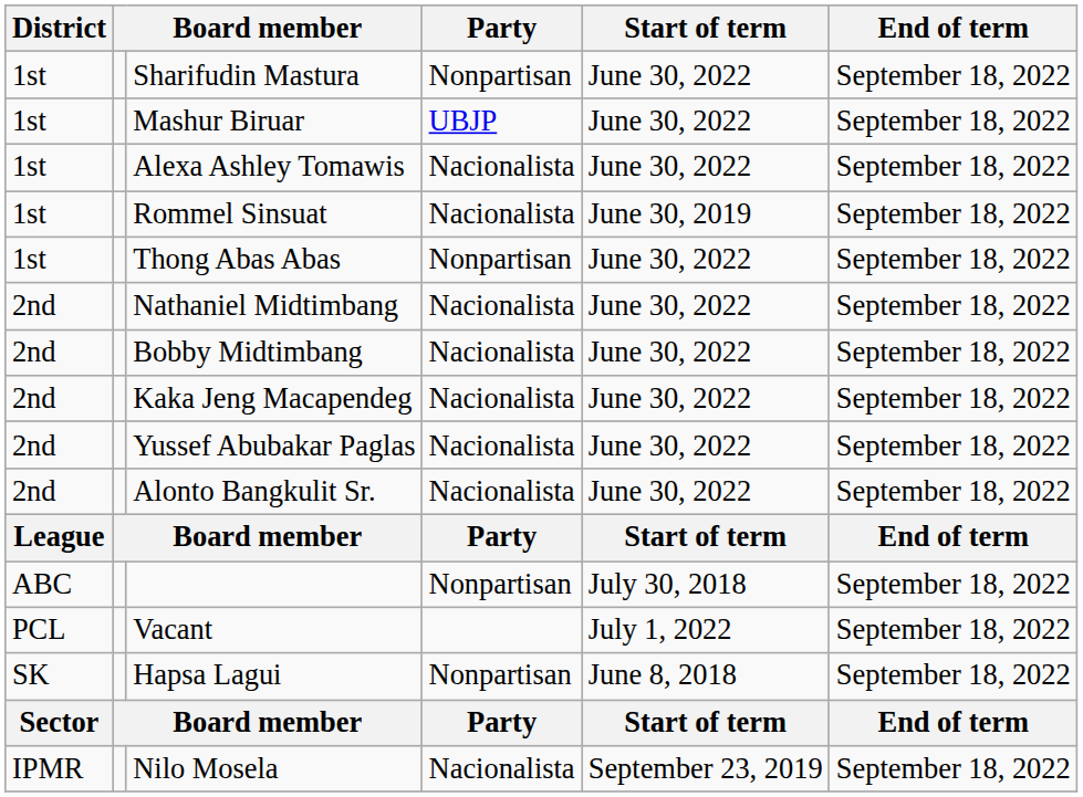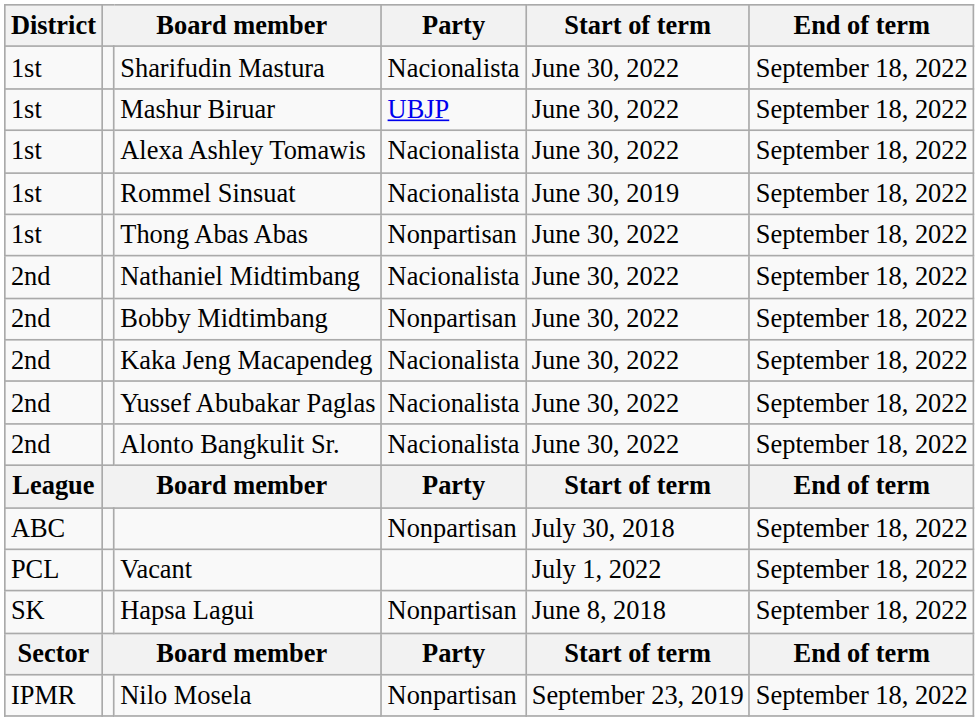 <table class="wikitable">
 <tr>
 <th>District</th>
 <th colspan="2">Board member</th>
 <th>Party</th>
 <th>Start of term</th>
 <th>End of term</th>
 </tr>
 <tr>
 <td>1st</td>
 <td></td>
 <td>Sharifudin Mastura</td>
-<td>Nonpartisan</td>
+<td>Nacionalista</td>
 <td>June 30, 2022</td>
 <td>September 18, 2022</td>
 </tr>
 <tr>
 <td>1st</td>
 <td></td>
 <td>Mashur Biruar</td>
 <td><a href='#'>UBJP</a></td>
 <td>June 30, 2022</td>
 <td>September 18, 2022</td>
 </tr>
 <tr>
 <td>1st</td>
 <td></td>
 <td>Alexa Ashley Tomawis</td>
 <td>Nacionalista</td>
 <td>June 30, 2022</td>
 <td>September 18, 2022</td>
 </tr>
 <tr>
 <td>1st</td>
 <td></td>
 <td>Rommel Sinsuat</td>
 <td>Nacionalista</td>
 <td>June 30, 2019</td>
 <td>September 18, 2022</td>
 </tr>
 <tr>
 <td>1st</td>
 <td></td>
 <td>Thong Abas Abas</td>
 <td>Nonpartisan</td>
 <td>June 30, 2022</td>
 <td>September 18, 2022</td>
 </tr>
 <tr>
 <td>2nd</td>
 <td></td>
 <td>Nathaniel Midtimbang</td>
 <td>Nacionalista</td>
 <td>June 30, 2022</td>
 <td>September 18, 2022</td>
 </tr>
 <tr>
 <td>2nd</td>
 <td></td>
 <td>Bobby Midtimbang</td>
-<td>Nacionalista</td>
+<td>Nonpartisan</td>
 <td>June 30, 2022</td>
 <td>September 18, 2022</td>
 </tr>
 <tr>
 <td>2nd</td>
 <td></td>
 <td>Kaka Jeng Macapendeg</td>
 <td>Nacionalista</td>
 <td>June 30, 2022</td>
 <td>September 18, 2022</td>
 </tr>
 <tr>
 <td>2nd</td>
 <td></td>
 <td>Yussef Abubakar Paglas</td>
 <td>Nacionalista</td>
 <td>June 30, 2022</td>
 <td>September 18, 2022</td>
 </tr>
 <tr>
 <td>2nd</td>
 <td></td>
 <td>Alonto Bangkulit Sr.</td>
 <td>Nacionalista</td>
 <td>June 30, 2022</td>
 <td>September 18, 2022</td>
 </tr>
 <tr>
 <th>League</th>
 <th colspan="2">Board member</th>
 <th>Party</th>
 <th>Start of term</th>
 <th>End of term</th>
 </tr>
 <tr>
 <td>ABC</td>
 <td></td>
 <td></td>
 <td>Nonpartisan</td>
 <td>July 30, 2018</td>
 <td>September 18, 2022</td>
 </tr>
 <tr>
 <td>PCL</td>
 <td></td>
 <td>Vacant</td>
 <td></td>
 <td>July 1, 2022</td>
 <td>September 18, 2022</td>
 </tr>
 <tr>
 <td>SK</td>
 <td></td>
 <td>Hapsa Lagui</td>
 <td>Nonpartisan</td>
 <td>June 8, 2018</td>
 <td>September 18, 2022</td>
 </tr>
 <tr>
 <th>Sector</th>
 <th colspan="2">Board member</th>
 <th>Party</th>
 <th>Start of term</th>
 <th>End of term</th>
 </tr>
 <tr>
 <td>IPMR</td>
 <td></td>
 <td>Nilo Mosela</td>
-<td>Nacionalista</td>
+<td>Nonpartisan</td>
 <td>September 23, 2019</td>
 <td>September 18, 2022</td>
 </tr>
 </table>
